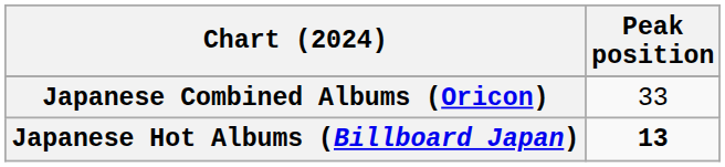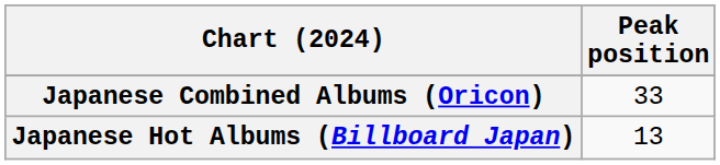 <table class="wikitable sortable plainrowheaders" style="text-align:center">
 <tr>
 <th scope="col">Chart (2024)</th>
 <th scope="col">Peak<br>position</th>
 </tr>
 <tr>
 </tr>
 <tr>
 <th scope="row">Japanese Combined Albums (<a href='#'>Oricon</a>)</th>
 <td>33</td>
 </tr>
 <tr>
 <th scope="row">Japanese Hot Albums (<em><a href='#'>Billboard Japan</a></em>)</th>
-<td><strong>13</strong></td>
+<td>13</td>
 </tr>
 </table>
